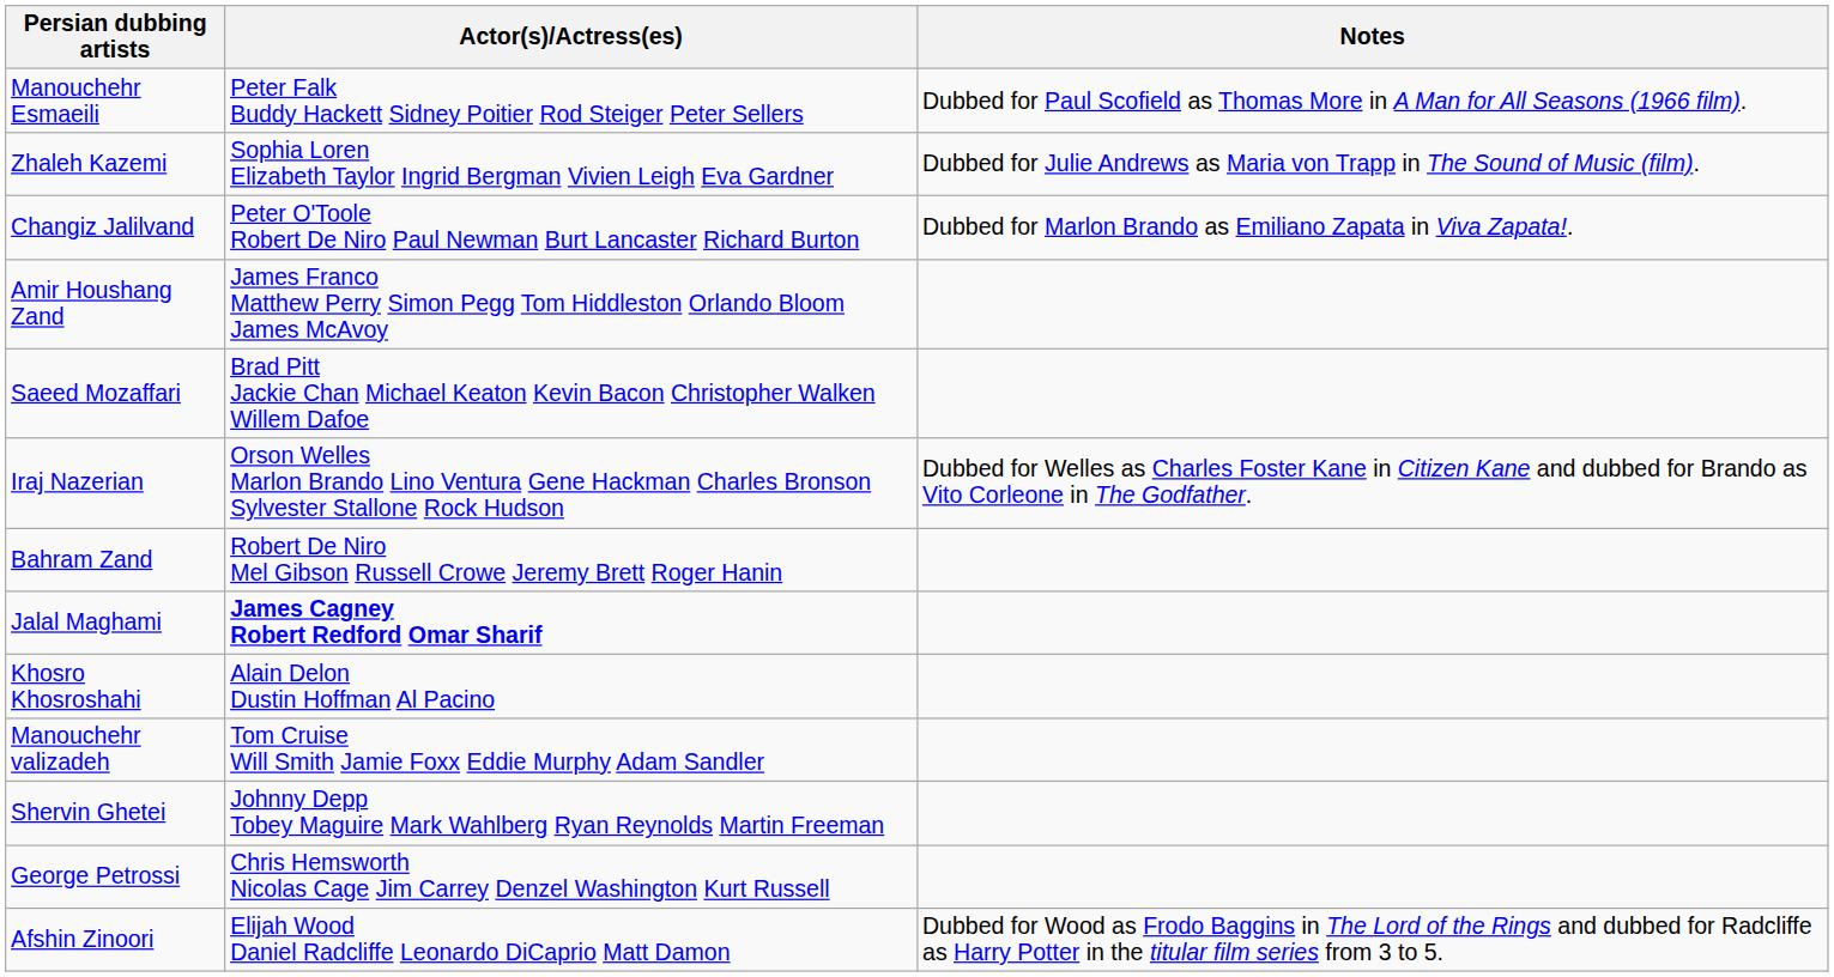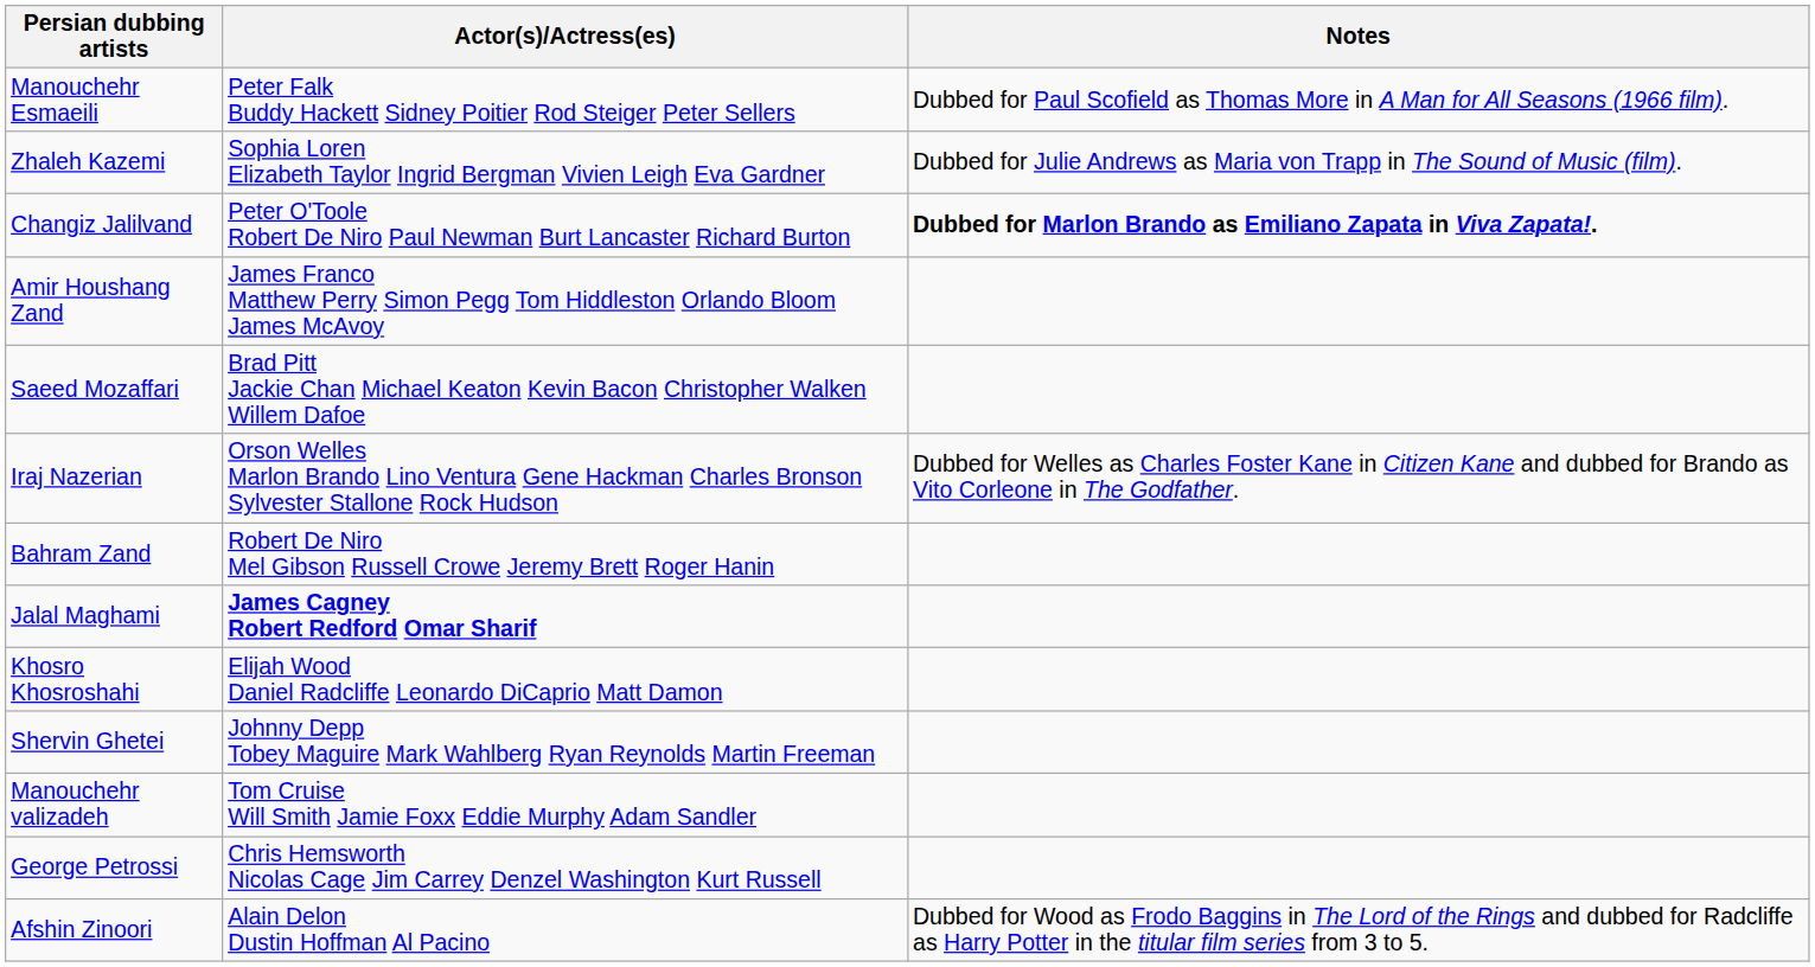 <table class="wikitable collapsible collapsed">
 <tr>
 <th>Persian dubbing artists</th>
 <th>Actor(s)/Actress(es)</th>
 <th>Notes</th>
 </tr>
 <tr>
 <td><a href='#'>Manouchehr Esmaeili</a></td>
 <td><a href='#'>Peter Falk</a><br><a href='#'>Buddy Hackett</a> <a href='#'>Sidney Poitier</a> <a href='#'>Rod Steiger</a> <a href='#'>Peter Sellers</a></td>
 <td>Dubbed for <a href='#'>Paul Scofield</a> as <a href='#'>Thomas More</a> in <em><a href='#'>A Man for All Seasons (1966 film)</a></em>.</td>
 </tr>
 <tr>
 <td><a href='#'>Zhaleh Kazemi</a></td>
 <td><a href='#'>Sophia Loren</a><br><a href='#'>Elizabeth Taylor</a> <a href='#'>Ingrid Bergman</a> <a href='#'>Vivien Leigh</a> <a href='#'>Eva Gardner</a></td>
 <td>Dubbed for <a href='#'>Julie Andrews</a> as <a href='#'>Maria von Trapp</a> in <em><a href='#'>The Sound of Music (film)</a></em>.</td>
 </tr>
 <tr>
 <td><a href='#'>Changiz Jalilvand</a></td>
 <td><a href='#'>Peter O'Toole</a><br><a href='#'>Robert De Niro</a> <a href='#'>Paul Newman</a> <a href='#'>Burt Lancaster</a> <a href='#'>Richard Burton</a></td>
-<td>Dubbed for <a href='#'>Marlon Brando</a> as <a href='#'>Emiliano Zapata</a> in <em><a href='#'>Viva Zapata!</a></em>.</td>
+<td><strong>Dubbed for <a href='#'>Marlon Brando</a> as <a href='#'>Emiliano Zapata</a> in <em><a href='#'>Viva Zapata!</a></em>.</strong></td>
 </tr>
 <tr>
 <td><a href='#'>Amir Houshang Zand</a></td>
 <td><a href='#'>James Franco</a><br><a href='#'>Matthew Perry</a> <a href='#'>Simon Pegg</a> <a href='#'>Tom Hiddleston</a> <a href='#'>Orlando Bloom</a> <a href='#'>James McAvoy</a></td>
 <td></td>
 </tr>
 <tr>
 <td><a href='#'>Saeed Mozaffari</a></td>
 <td><a href='#'>Brad Pitt</a><br><a href='#'>Jackie Chan</a> <a href='#'>Michael Keaton</a> <a href='#'>Kevin Bacon</a> <a href='#'>Christopher Walken</a> <a href='#'>Willem Dafoe</a></td>
 <td></td>
 </tr>
 <tr>
 <td><a href='#'>Iraj Nazerian</a></td>
 <td><a href='#'>Orson Welles</a><br><a href='#'>Marlon Brando</a> <a href='#'>Lino Ventura</a> <a href='#'>Gene Hackman</a> <a href='#'>Charles Bronson</a> <a href='#'>Sylvester Stallone</a> <a href='#'>Rock Hudson</a></td>
 <td>Dubbed for Welles as <a href='#'>Charles Foster Kane</a> in <em><a href='#'>Citizen Kane</a></em> and dubbed for Brando as <a href='#'>Vito Corleone</a> in <em><a href='#'>The Godfather</a></em>.</td>
 </tr>
 <tr>
 <td><a href='#'>Bahram Zand</a></td>
 <td><a href='#'>Robert De Niro</a><br><a href='#'>Mel Gibson</a> <a href='#'>Russell Crowe</a> <a href='#'>Jeremy Brett</a> <a href='#'>Roger Hanin</a></td>
 <td></td>
 </tr>
 <tr>
 <td><a href='#'>Jalal Maghami</a></td>
 <td><strong><a href='#'>James Cagney</a><br><a href='#'>Robert Redford</a> <a href='#'>Omar Sharif</a></strong></td>
 <td></td>
 </tr>
 <tr>
 <td><a href='#'>Khosro Khosroshahi</a></td>
-<td><a href='#'>Alain Delon</a><br><a href='#'>Dustin Hoffman</a> <a href='#'>Al Pacino</a></td>
+<td><a href='#'>Elijah Wood</a><br><a href='#'>Daniel Radcliffe</a> <a href='#'>Leonardo DiCaprio</a> <a href='#'>Matt Damon</a></td>
+<td></td>
+</tr>
+<tr>
+<td><a href='#'>Shervin Ghetei</a></td>
+<td><a href='#'>Johnny Depp</a><br><a href='#'>Tobey Maguire</a> <a href='#'>Mark Wahlberg</a>  <a href='#'>Ryan Reynolds</a> <a href='#'>Martin Freeman</a></td>
 <td></td>
 </tr>
 <tr>
 <td><a href='#'>Manouchehr valizadeh</a></td>
 <td><a href='#'>Tom Cruise</a><br><a href='#'>Will Smith</a> <a href='#'>Jamie Foxx</a>  <a href='#'>Eddie Murphy</a> <a href='#'>Adam Sandler</a></td>
-<td></td>
-</tr>
-<tr>
-<td><a href='#'>Shervin Ghetei</a></td>
-<td><a href='#'>Johnny Depp</a><br><a href='#'>Tobey Maguire</a> <a href='#'>Mark Wahlberg</a>  <a href='#'>Ryan Reynolds</a> <a href='#'>Martin Freeman</a></td>
 <td></td>
 </tr>
 <tr>
 <td><a href='#'>George Petrossi</a></td>
 <td><a href='#'>Chris Hemsworth</a><br><a href='#'>Nicolas Cage</a> <a href='#'>Jim Carrey</a> <a href='#'>Denzel Washington</a> <a href='#'>Kurt Russell</a></td>
 <td></td>
 </tr>
 <tr>
 <td><a href='#'>Afshin Zinoori</a></td>
-<td><a href='#'>Elijah Wood</a><br><a href='#'>Daniel Radcliffe</a> <a href='#'>Leonardo DiCaprio</a> <a href='#'>Matt Damon</a></td>
+<td><a href='#'>Alain Delon</a><br><a href='#'>Dustin Hoffman</a> <a href='#'>Al Pacino</a></td>
 <td>Dubbed for Wood as <a href='#'>Frodo Baggins</a> in <em><a href='#'>The Lord of the Rings</a></em> and dubbed for Radcliffe as <a href='#'>Harry Potter</a> in the <em><a href='#'>titular film series</a></em> from 3 to 5.</td>
 </tr>
 </table>
